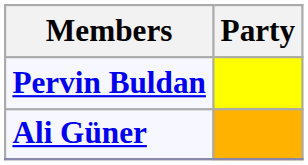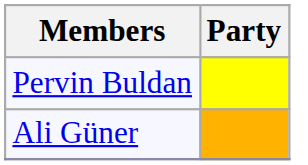 <table class=wikitable style="border:1px solid #8888aa; background-color:#f7f8ff; padding:0px; font-size:90%;">
 <tr>
 <th>Members</th>
 <th colspan="2">Party</th>
 </tr>
 <tr>
-<td><strong><a href='#'>Pervin Buldan</a></strong></td>
+<td><a href='#'>Pervin Buldan</a></td>
 <td style="background: #ffff00"></td>
 </tr>
 <tr>
-<td><strong><a href='#'>Ali Güner</a></strong></td>
+<td><a href='#'>Ali Güner</a></td>
 <td style="background: #ffb300"></td>
 </tr>
 <tr>
 </tr>
 </table>
